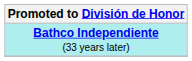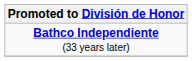 <table class="wikitable" style="text-align: center; margin: 0 auto;">
 <tr>
 <th colspan="2">Promoted to <a href='#'>División de Honor</a></th>
 </tr>
 <tr>
-<td style="background: paleturquoise;"><strong><a href='#'>Bathco Independiente</a></strong><br><small>(33 years later)</small></td>
+<td><strong><a href='#'>Bathco Independiente</a></strong><br><small>(33 years later)</small></td>
 </tr>
 <tr>
 </tr>
 </table>
